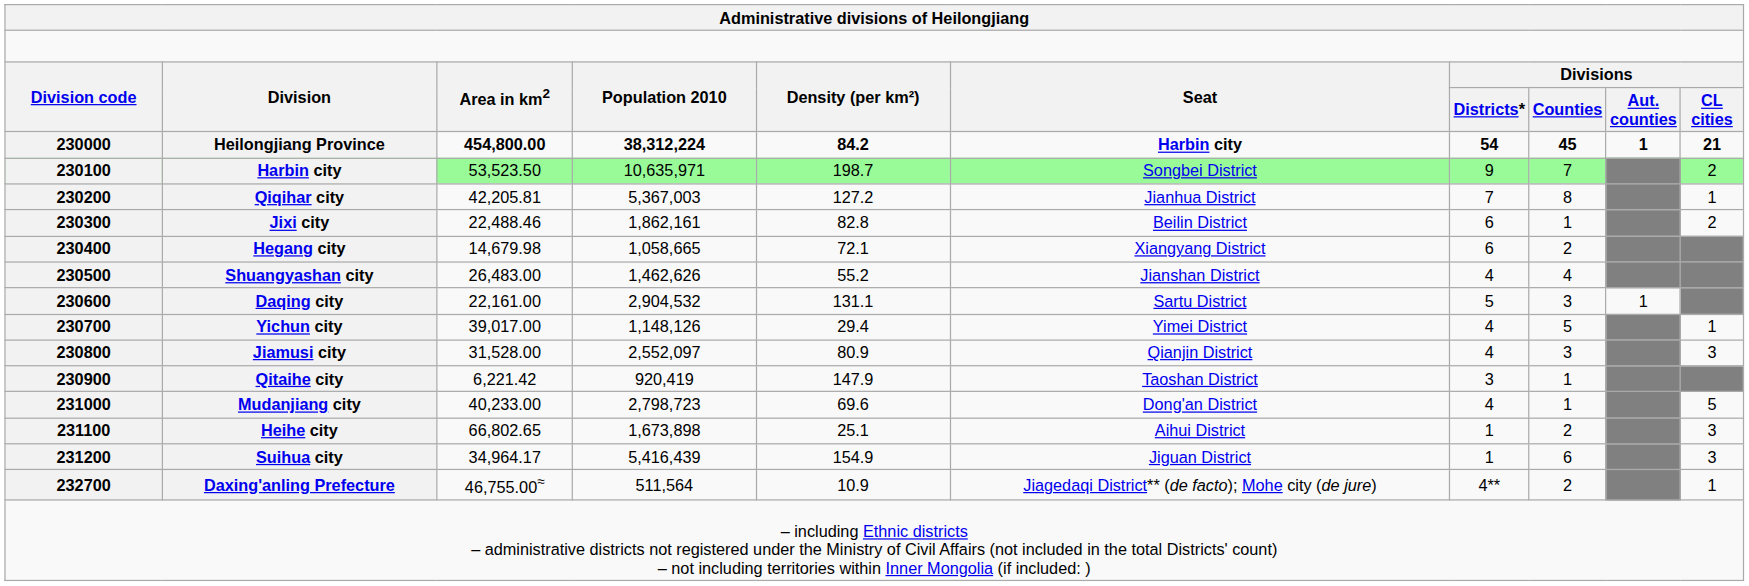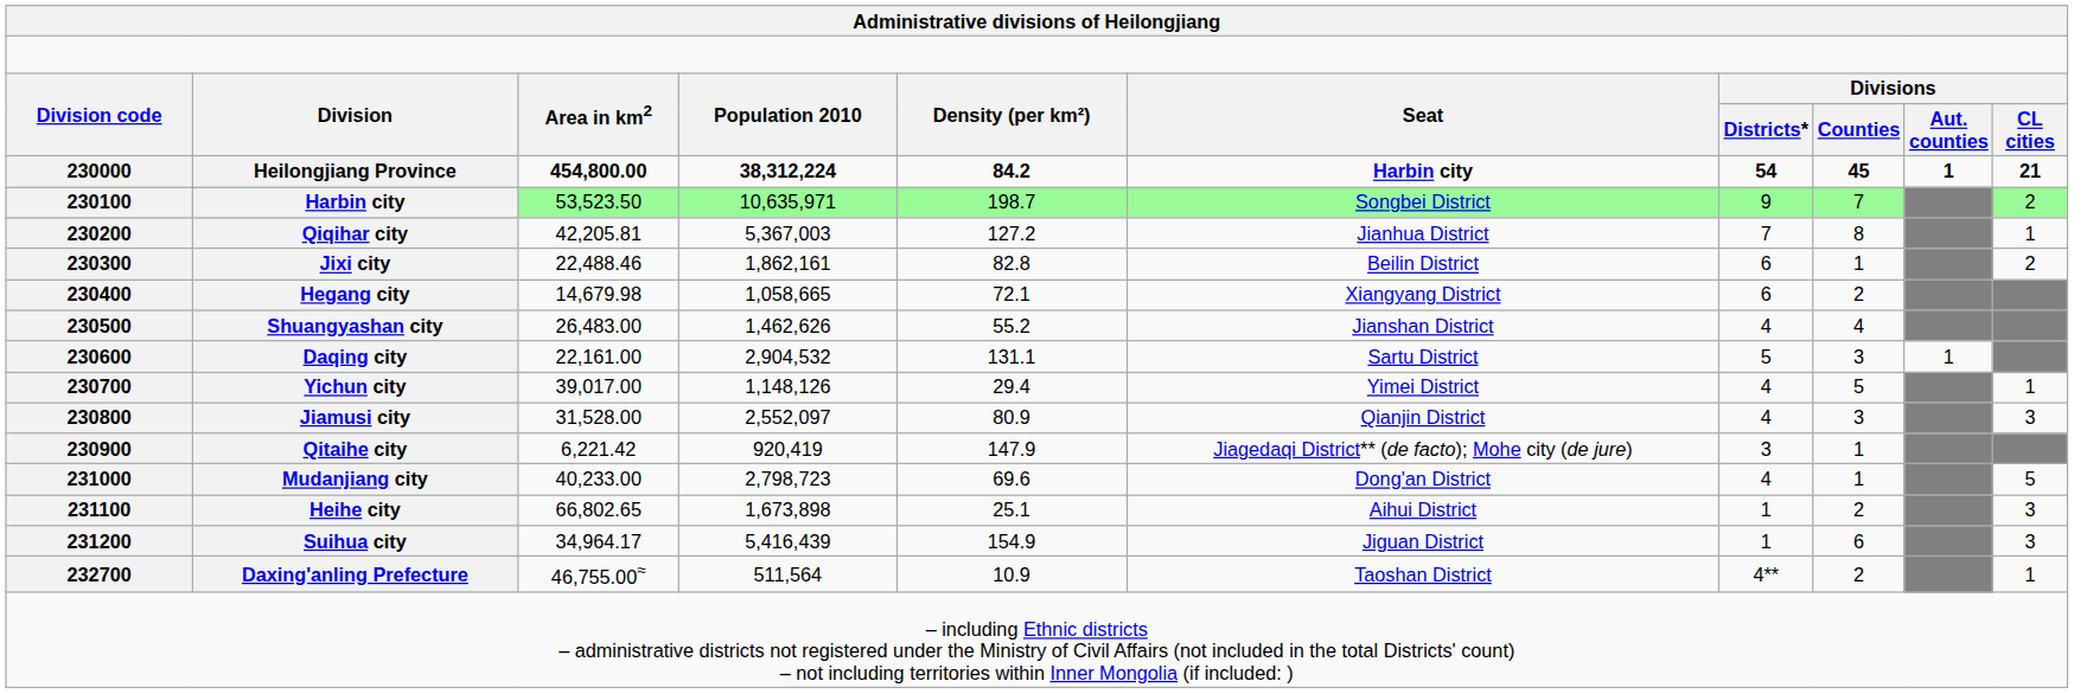 <table class="wikitable" style="margin:1em auto 1em auto; width:90%; font-size:smaller; text-align:center">
 <tr>
 <th colspan="10">Administrative divisions of Heilongjiang</th>
 </tr>
 <tr>
 <td colspan="10" style="font-size:larger"><div><br>               </div></td>
 </tr>
 <tr>
 <th ! scope="col" rowspan="2"><a href='#'>Division code</a></th>
 <th ! scope="col" rowspan="2">Division</th>
 <th ! scope="col" rowspan="2">Area in km<sup>2</sup></th>
 <th ! scope="col" rowspan="2">Population 2010</th>
 <th ! scope="col" rowspan="2">Density (per km²)</th>
 <th ! scope="col" rowspan="2">Seat</th>
 <th ! scope="col" colspan="4">Divisions</th>
 </tr>
 <tr>
 <th ! scope="col" width="45"><a href='#'>Districts</a>*</th>
 <th ! scope="col" width="45"><a href='#'>Counties</a></th>
 <th ! scope="col" width="45"><a href='#'>Aut. counties</a></th>
 <th ! scope="col" width="45"><a href='#'>CL cities</a></th>
 </tr>
 <tr style="font-weight: bold">
 <th>230000</th>
 <th>Heilongjiang Province</th>
 <td>454,800.00</td>
 <td>38,312,224</td>
 <td>84.2</td>
 <td><a href='#'>Harbin</a> city</td>
 <td>54</td>
 <td>45</td>
 <td>1</td>
 <td>21</td>
 </tr>
 <tr bgcolor="#98FB98">
 <th>230100</th>
 <th><a href='#'>Harbin</a> city</th>
 <td>53,523.50</td>
 <td>10,635,971</td>
 <td>198.7</td>
 <td><a href='#'>Songbei District</a></td>
 <td>9</td>
 <td>7</td>
 <td bgcolor="grey"></td>
 <td>2</td>
 </tr>
 <tr>
 <th>230200</th>
 <th><a href='#'>Qiqihar</a> city</th>
 <td>42,205.81</td>
 <td>5,367,003</td>
 <td>127.2</td>
 <td><a href='#'>Jianhua District</a></td>
 <td>7</td>
 <td>8</td>
 <td bgcolor="grey"></td>
 <td>1</td>
 </tr>
 <tr>
 <th>230300</th>
 <th><a href='#'>Jixi</a> city</th>
 <td>22,488.46</td>
 <td>1,862,161</td>
 <td>82.8</td>
 <td><a href='#'>Beilin District</a></td>
 <td>6</td>
 <td>1</td>
 <td bgcolor="grey"></td>
 <td>2</td>
 </tr>
 <tr>
 <th>230400</th>
 <th><a href='#'>Hegang</a> city</th>
 <td>14,679.98</td>
 <td>1,058,665</td>
 <td>72.1</td>
 <td><a href='#'>Xiangyang District</a></td>
 <td>6</td>
 <td>2</td>
 <td bgcolor="grey"></td>
 <td bgcolor="grey"></td>
 </tr>
 <tr>
 <th>230500</th>
 <th><a href='#'>Shuangyashan</a> city</th>
 <td>26,483.00</td>
 <td>1,462,626</td>
 <td>55.2</td>
 <td><a href='#'>Jianshan District</a></td>
 <td>4</td>
 <td>4</td>
 <td bgcolor="grey"></td>
 <td bgcolor="grey"></td>
 </tr>
 <tr>
 <th>230600</th>
 <th><a href='#'>Daqing</a> city</th>
 <td>22,161.00</td>
 <td>2,904,532</td>
 <td>131.1</td>
 <td><a href='#'>Sartu District</a></td>
 <td>5</td>
 <td>3</td>
 <td>1</td>
 <td bgcolor="grey"></td>
 </tr>
 <tr>
 <th>230700</th>
 <th><a href='#'>Yichun</a> city</th>
 <td>39,017.00</td>
 <td>1,148,126</td>
 <td>29.4</td>
 <td><a href='#'>Yimei District</a></td>
 <td>4</td>
 <td>5</td>
 <td bgcolor="grey"></td>
 <td>1</td>
 </tr>
 <tr>
 <th>230800</th>
 <th><a href='#'>Jiamusi</a> city</th>
 <td>31,528.00</td>
 <td>2,552,097</td>
 <td>80.9</td>
 <td><a href='#'>Qianjin District</a></td>
 <td>4</td>
 <td>3</td>
 <td bgcolor="grey"></td>
 <td>3</td>
 </tr>
 <tr>
 <th>230900</th>
 <th><a href='#'>Qitaihe</a> city</th>
 <td>6,221.42</td>
 <td>920,419</td>
 <td>147.9</td>
-<td><a href='#'>Taoshan District</a></td>
+<td><a href='#'>Jiagedaqi District</a>** (<em>de facto</em>); <a href='#'>Mohe</a> city (<em>de jure</em>)</td>
 <td>3</td>
 <td>1</td>
 <td bgcolor="grey"></td>
 <td bgcolor="grey"></td>
 </tr>
 <tr>
 <th>231000</th>
 <th><a href='#'>Mudanjiang</a> city</th>
 <td>40,233.00</td>
 <td>2,798,723</td>
 <td>69.6</td>
 <td><a href='#'>Dong'an District</a></td>
 <td>4</td>
 <td>1</td>
 <td bgcolor="grey"></td>
 <td>5</td>
 </tr>
 <tr>
 <th>231100</th>
 <th><a href='#'>Heihe</a> city</th>
 <td>66,802.65</td>
 <td>1,673,898</td>
 <td>25.1</td>
 <td><a href='#'>Aihui District</a></td>
 <td>1</td>
 <td>2</td>
 <td bgcolor="grey"></td>
 <td>3</td>
 </tr>
 <tr>
 <th>231200</th>
 <th><a href='#'>Suihua</a> city</th>
 <td>34,964.17</td>
 <td>5,416,439</td>
 <td>154.9</td>
 <td><a href='#'>Jiguan District</a></td>
 <td>1</td>
 <td>6</td>
 <td bgcolor="grey"></td>
 <td>3</td>
 </tr>
 <tr>
 <th>232700</th>
 <th><a href='#'>Daxing'anling Prefecture</a></th>
 <td>46,755.00<sup>≈</sup></td>
 <td>511,564</td>
 <td>10.9</td>
-<td><a href='#'>Jiagedaqi District</a>** (<em>de facto</em>); <a href='#'>Mohe</a> city (<em>de jure</em>)</td>
+<td><a href='#'>Taoshan District</a></td>
 <td>4**</td>
 <td>2</td>
 <td bgcolor="grey"></td>
 <td>1</td>
 </tr>
 <tr>
 <td colspan="10"><br> – including <a href='#'>Ethnic districts</a><br> – administrative districts not registered under the Ministry of Civil Affairs (not included in the total Districts' count)<br> – not including territories within <a href='#'>Inner Mongolia</a> (if included: )</td>
 </tr>
 </table>
